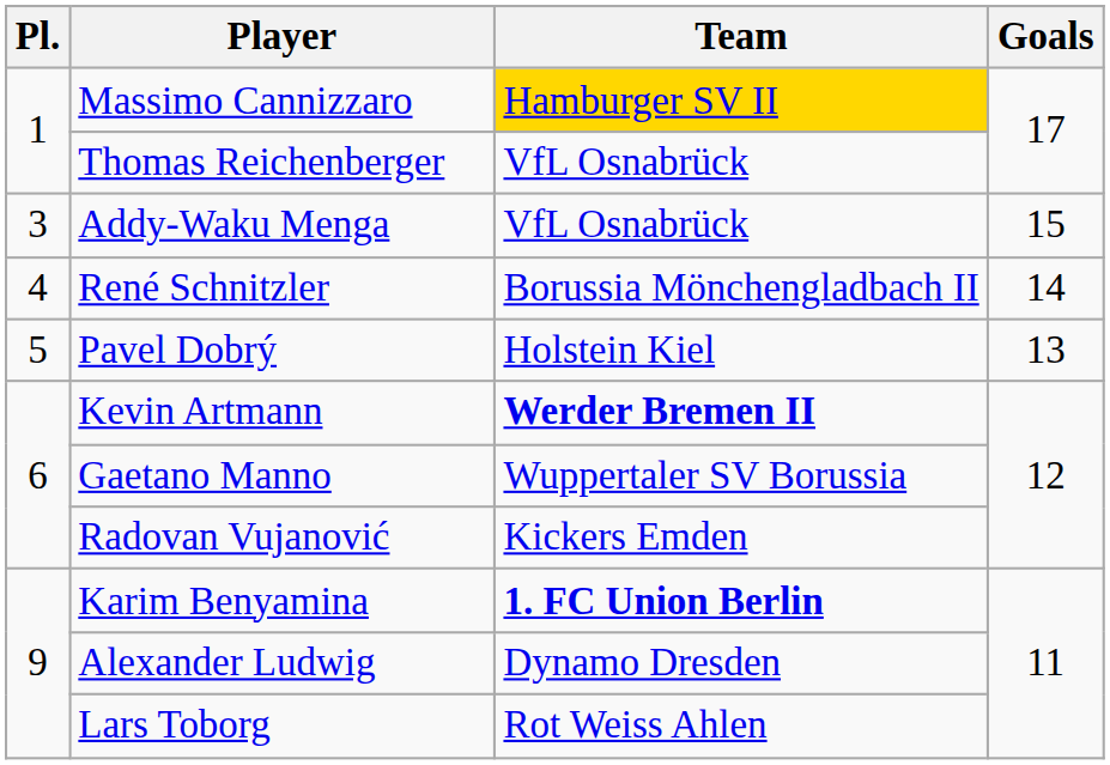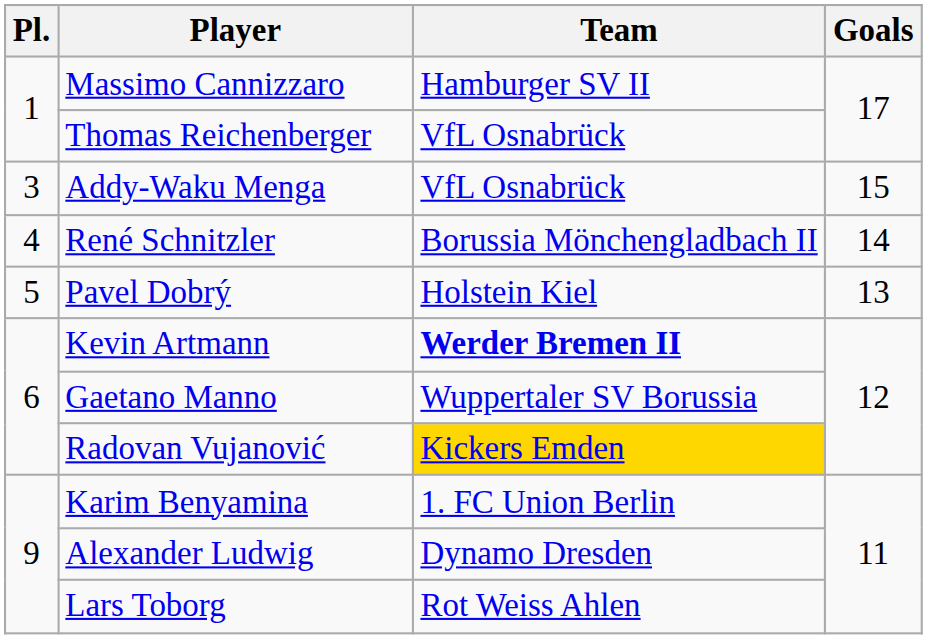 <table class="wikitable" style="text-align: center;">
 <tr class="hintergrundfarbe5">
 <th>Pl.</th>
 <th width="165px">Player</th>
 <th>Team</th>
 <th>Goals</th>
 </tr>
 <tr>
 <td rowspan="2">1</td>
 <td style="text-align: left;"> <a href='#'>Massimo Cannizzaro</a></td>
-<td style="background: gold; text-align: left;"><a href='#'>Hamburger SV II</a></td>
+<td style="text-align: left;"><a href='#'>Hamburger SV II</a></td>
 <td rowspan="2">17</td>
 </tr>
 <tr>
 <td style="text-align: left;"> <a href='#'>Thomas Reichenberger</a></td>
 <td style="text-align: left;"><a href='#'>VfL Osnabrück</a></td>
 </tr>
 <tr>
 <td>3</td>
 <td style="text-align: left;"> <a href='#'>Addy-Waku Menga</a></td>
 <td style="text-align: left;"><a href='#'>VfL Osnabrück</a></td>
 <td>15</td>
 </tr>
 <tr>
 <td>4</td>
 <td style="text-align: left;"> <a href='#'>René Schnitzler</a></td>
 <td style="text-align: left;"><a href='#'>Borussia Mönchengladbach II</a></td>
 <td>14</td>
 </tr>
 <tr>
 <td>5</td>
 <td style="text-align: left;"> <a href='#'>Pavel Dobrý</a></td>
 <td style="text-align: left;"><a href='#'>Holstein Kiel</a></td>
 <td>13</td>
 </tr>
 <tr>
 <td rowspan="3">6</td>
 <td style="text-align: left;"> <a href='#'>Kevin Artmann</a></td>
 <td style="text-align: left;"><strong><a href='#'>Werder Bremen II</a></strong></td>
 <td rowspan="3">12</td>
 </tr>
 <tr>
 <td style="text-align: left;"> <a href='#'>Gaetano Manno</a></td>
 <td style="text-align: left;"><a href='#'>Wuppertaler SV Borussia</a></td>
 </tr>
 <tr>
 <td style="text-align: left;"> <a href='#'>Radovan Vujanović</a></td>
-<td style="text-align: left;"><a href='#'>Kickers Emden</a></td>
+<td style="background: gold; text-align: left;"><a href='#'>Kickers Emden</a></td>
 </tr>
 <tr>
 <td rowspan="3">9</td>
 <td style="text-align: left;"> <a href='#'>Karim Benyamina</a></td>
-<td style="text-align: left;"><strong><a href='#'>1. FC Union Berlin</a></strong></td>
+<td style="text-align: left;"><a href='#'>1. FC Union Berlin</a></td>
 <td rowspan="3">11</td>
 </tr>
 <tr>
 <td style="text-align: left;"> <a href='#'>Alexander Ludwig</a></td>
 <td style="text-align: left;"><a href='#'>Dynamo Dresden</a></td>
 </tr>
 <tr>
 <td style="text-align: left;"> <a href='#'>Lars Toborg</a></td>
 <td style="text-align: left;"><a href='#'>Rot Weiss Ahlen</a></td>
 </tr>
 </table>
